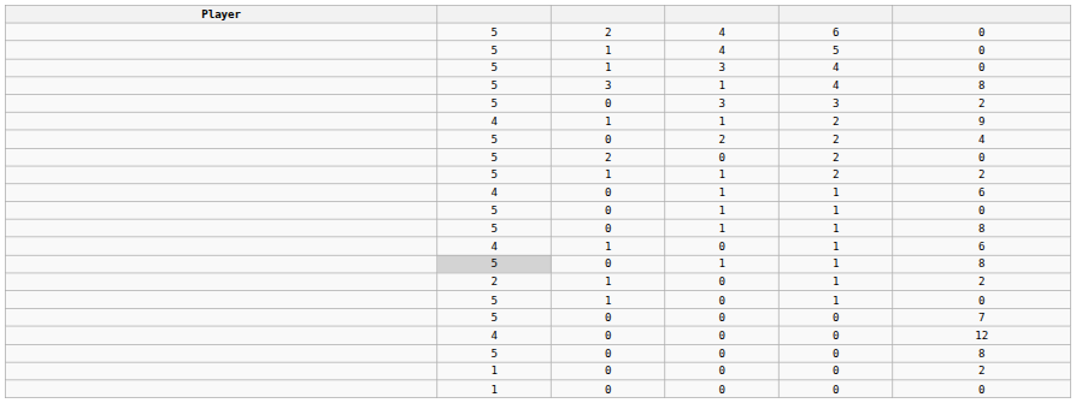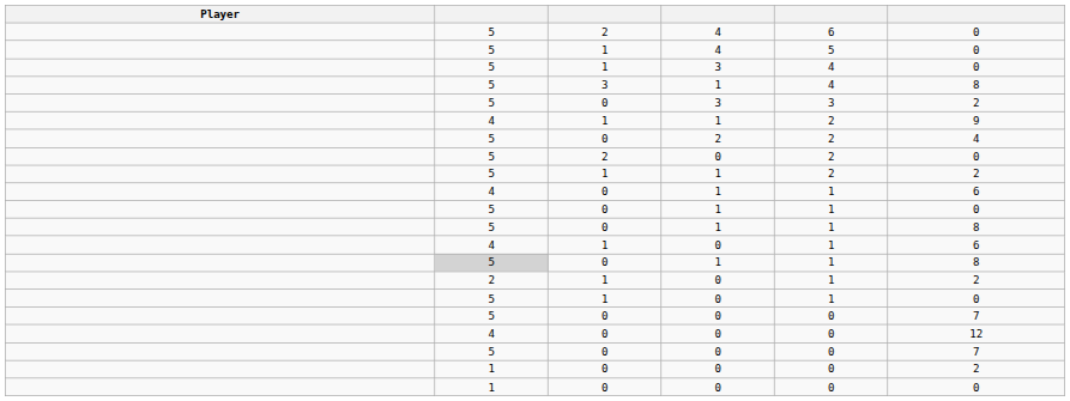 <table class="wikitable sortable" style="width:100%;">
 <tr align=center>
 <th>Player</th>
 <th></th>
 <th></th>
 <th></th>
 <th></th>
 <th></th>
 </tr>
 <tr align=center>
 <td></td>
 <td>5</td>
 <td>2</td>
 <td>4</td>
 <td>6</td>
 <td>0</td>
 </tr>
 <tr align=center>
 <td></td>
 <td>5</td>
 <td>1</td>
 <td>4</td>
 <td>5</td>
 <td>0</td>
 </tr>
 <tr align=center>
 <td></td>
 <td>5</td>
 <td>1</td>
 <td>3</td>
 <td>4</td>
 <td>0</td>
 </tr>
 <tr align=center>
 <td></td>
 <td>5</td>
 <td>3</td>
 <td>1</td>
 <td>4</td>
 <td>8</td>
 </tr>
 <tr align=center>
 <td></td>
 <td>5</td>
 <td>0</td>
 <td>3</td>
 <td>3</td>
 <td>2</td>
 </tr>
 <tr align=center>
 <td></td>
 <td>4</td>
 <td>1</td>
 <td>1</td>
 <td>2</td>
 <td>9</td>
 </tr>
 <tr align=center>
 <td></td>
 <td>5</td>
 <td>0</td>
 <td>2</td>
 <td>2</td>
 <td>4</td>
 </tr>
 <tr align=center>
 <td></td>
 <td>5</td>
 <td>2</td>
 <td>0</td>
 <td>2</td>
 <td>0</td>
 </tr>
 <tr align=center>
 <td></td>
 <td>5</td>
 <td>1</td>
 <td>1</td>
 <td>2</td>
 <td>2</td>
 </tr>
 <tr align=center>
 <td></td>
 <td>4</td>
 <td>0</td>
 <td>1</td>
 <td>1</td>
 <td>6</td>
 </tr>
 <tr align=center>
 <td></td>
 <td>5</td>
 <td>0</td>
 <td>1</td>
 <td>1</td>
 <td>0</td>
 </tr>
 <tr align=center>
 <td></td>
 <td>5</td>
 <td>0</td>
 <td>1</td>
 <td>1</td>
 <td>8</td>
 </tr>
 <tr align=center>
 <td></td>
 <td>4</td>
 <td>1</td>
 <td>0</td>
 <td>1</td>
 <td>6</td>
 </tr>
 <tr align=center>
 <td></td>
 <td style="background: lightgrey;">5</td>
 <td>0</td>
 <td>1</td>
 <td>1</td>
 <td>8</td>
 </tr>
 <tr align=center>
 <td></td>
 <td>2</td>
 <td>1</td>
 <td>0</td>
 <td>1</td>
 <td>2</td>
 </tr>
 <tr align=center>
 <td></td>
 <td>5</td>
 <td>1</td>
 <td>0</td>
 <td>1</td>
 <td>0</td>
 </tr>
 <tr align=center>
 <td></td>
 <td>5</td>
 <td>0</td>
 <td>0</td>
 <td>0</td>
 <td>7</td>
 </tr>
 <tr align=center>
 <td></td>
 <td>4</td>
 <td>0</td>
 <td>0</td>
 <td>0</td>
 <td>12</td>
 </tr>
 <tr align=center>
 <td></td>
 <td>5</td>
 <td>0</td>
 <td>0</td>
 <td>0</td>
-<td>8</td>
+<td>7</td>
 </tr>
 <tr align=center>
 <td></td>
 <td>1</td>
 <td>0</td>
 <td>0</td>
 <td>0</td>
 <td>2</td>
 </tr>
 <tr align=center>
 <td></td>
 <td>1</td>
 <td>0</td>
 <td>0</td>
 <td>0</td>
 <td>0</td>
 </tr>
 </table>
